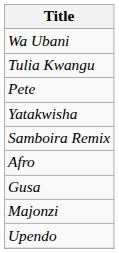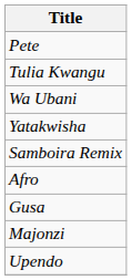 <table class="wikitable">
 <tr>
 <th>Title</th>
 </tr>
 <tr>
-<td><em>Wa Ubani</em></td>
+<td><em>Pete</em></td>
 </tr>
 <tr>
 <td><em>Tulia Kwangu</em></td>
 </tr>
 <tr>
-<td><em>Pete</em></td>
+<td><em>Wa Ubani</em></td>
 </tr>
 <tr>
 <td><em>Yatakwisha</em></td>
 </tr>
 <tr>
 <td><em>Samboira Remix</em></td>
 </tr>
 <tr>
 <td><em>Afro</em></td>
 </tr>
 <tr>
 <td><em>Gusa</em></td>
 </tr>
 <tr>
 <td><em>Majonzi</em></td>
 </tr>
 <tr>
 <td><em>Upendo</em></td>
 </tr>
 <tr>
 </tr>
 </table>
